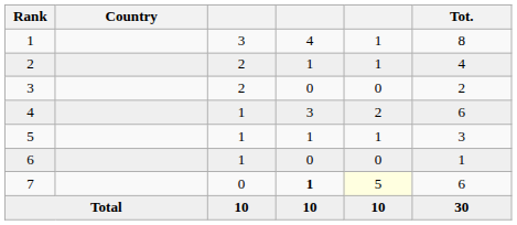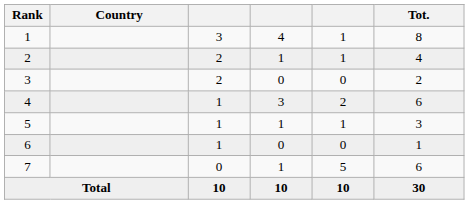 <table class=wikitable width=40% cellspacing="1" cellpadding="3" style="border:1px solid #AAAAAA;font-size:90%; text-align:center">
 <tr bgcolor="#EFEFEF">
 <th width=10%>Rank</th>
 <th width=30%>Country</th>
 <th></th>
 <th></th>
 <th></th>
 <th>Tot.</th>
 </tr>
 <tr>
 <td>1</td>
 <td align=left></td>
 <td>3</td>
 <td>4</td>
 <td>1</td>
 <td>8</td>
 </tr>
 <tr bgcolor="#efefef">
 <td>2</td>
 <td align=left></td>
 <td>2</td>
 <td>1</td>
 <td>1</td>
 <td>4</td>
 </tr>
 <tr>
 <td>3</td>
 <td align=left></td>
 <td>2</td>
 <td>0</td>
 <td>0</td>
 <td>2</td>
 </tr>
 <tr bgcolor="#efefef">
 <td>4</td>
 <td align=left></td>
 <td>1</td>
 <td>3</td>
 <td>2</td>
 <td>6</td>
 </tr>
 <tr>
 <td>5</td>
 <td align=left></td>
 <td>1</td>
 <td>1</td>
 <td>1</td>
 <td>3</td>
 </tr>
 <tr bgcolor="#efefef">
 <td>6</td>
 <td align=left></td>
 <td>1</td>
 <td>0</td>
 <td>0</td>
 <td>1</td>
 </tr>
 <tr>
 <td>7</td>
 <td align=left></td>
 <td>0</td>
-<td><strong>1</strong></td>
-<td style="background: lightyellow;">5</td>
+<td>1</td>
+<td>5</td>
 <td>6</td>
 </tr>
 <tr bgcolor="#efefef">
 <td colspan=2><strong>Total</strong></td>
 <td><strong>10</strong></td>
 <td><strong>10</strong></td>
 <td><strong>10</strong></td>
 <td><strong>30</strong></td>
 </tr>
 </table>
